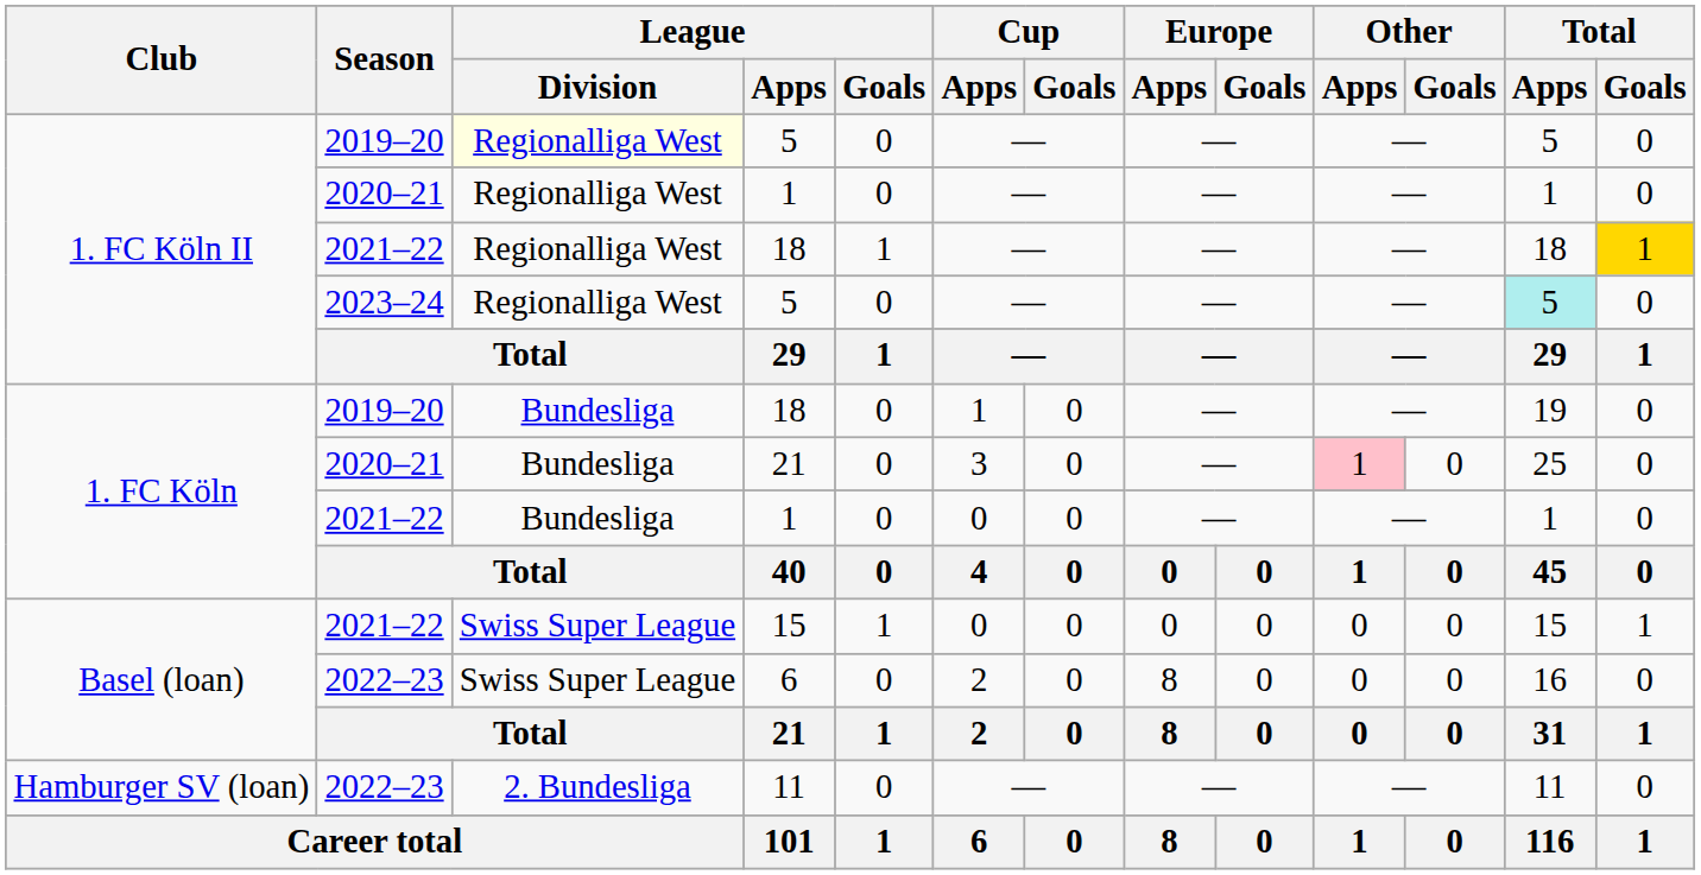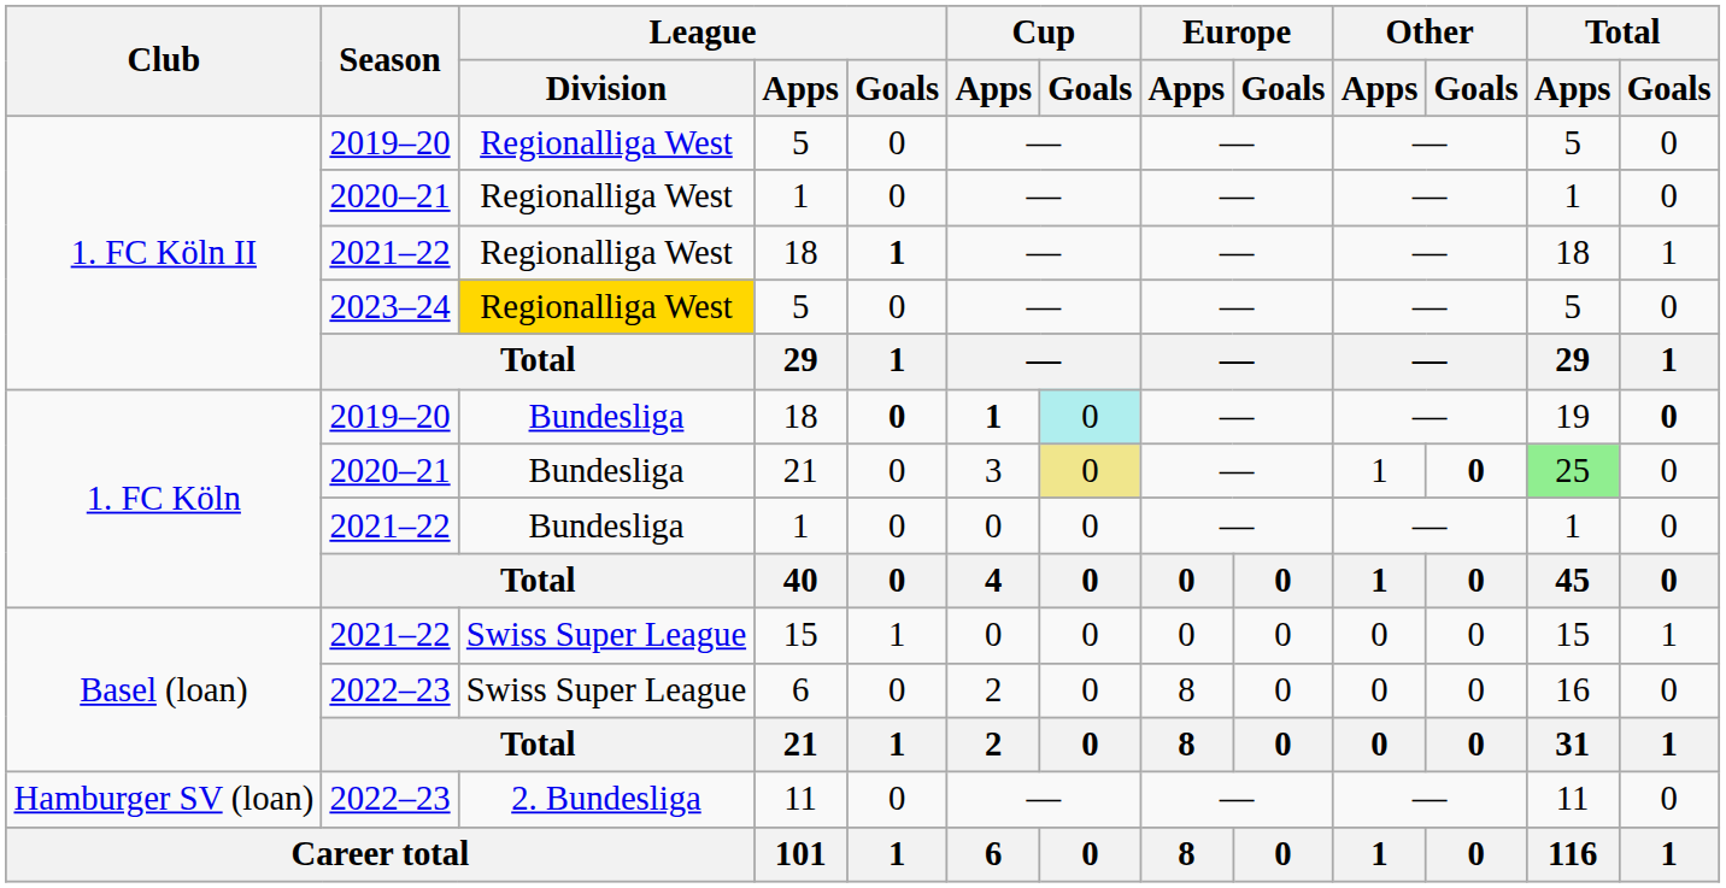 <table class="wikitable" style="text-align:center">
 <tr>
 <th rowspan="2">Club</th>
 <th rowspan="2">Season</th>
 <th colspan="3">League</th>
 <th colspan="2">Cup</th>
 <th colspan="2">Europe</th>
 <th colspan="2">Other</th>
 <th colspan="2">Total</th>
 </tr>
 <tr>
 <th>Division</th>
 <th>Apps</th>
 <th>Goals</th>
 <th>Apps</th>
 <th>Goals</th>
 <th>Apps</th>
 <th>Goals</th>
 <th>Apps</th>
 <th>Goals</th>
 <th>Apps</th>
 <th>Goals</th>
 </tr>
 <tr>
 <td rowspan="5"><a href='#'>1. FC Köln II</a></td>
 <td><a href='#'>2019–20</a></td>
-<td style="background: lightyellow;"><a href='#'>Regionalliga West</a></td>
+<td><a href='#'>Regionalliga West</a></td>
 <td>5</td>
 <td>0</td>
 <td colspan="2">—</td>
 <td colspan="2">—</td>
 <td colspan="2">—</td>
 <td>5</td>
 <td>0</td>
 </tr>
 <tr>
 <td><a href='#'>2020–21</a></td>
 <td>Regionalliga West</td>
 <td>1</td>
 <td>0</td>
 <td colspan="2">—</td>
 <td colspan="2">—</td>
 <td colspan="2">—</td>
 <td>1</td>
 <td>0</td>
 </tr>
 <tr>
 <td><a href='#'>2021–22</a></td>
 <td>Regionalliga West</td>
 <td>18</td>
-<td>1</td>
+<td><strong>1</strong></td>
 <td colspan="2">—</td>
 <td colspan="2">—</td>
 <td colspan="2">—</td>
 <td>18</td>
-<td style="background: gold;">1</td>
+<td>1</td>
 </tr>
 <tr>
 <td><a href='#'>2023–24</a></td>
-<td>Regionalliga West</td>
+<td style="background: gold;">Regionalliga West</td>
 <td>5</td>
 <td>0</td>
 <td colspan="2">—</td>
 <td colspan="2">—</td>
 <td colspan="2">—</td>
-<td style="background: paleturquoise;">5</td>
+<td>5</td>
 <td>0</td>
 </tr>
 <tr>
 <th colspan="2">Total</th>
 <th>29</th>
 <th>1</th>
 <th colspan="2">—</th>
 <th colspan="2">—</th>
 <th colspan="2">—</th>
 <th>29</th>
 <th>1</th>
 </tr>
 <tr>
 <td rowspan="4"><a href='#'>1. FC Köln</a></td>
 <td><a href='#'>2019–20</a></td>
 <td><a href='#'>Bundesliga</a></td>
 <td>18</td>
-<td>0</td>
-<td>1</td>
-<td>0</td>
+<td><strong>0</strong></td>
+<td><strong>1</strong></td>
+<td style="background: paleturquoise;">0</td>
 <td colspan="2">—</td>
 <td colspan="2">—</td>
 <td>19</td>
-<td>0</td>
+<td><strong>0</strong></td>
 </tr>
 <tr>
 <td><a href='#'>2020–21</a></td>
 <td>Bundesliga</td>
 <td>21</td>
 <td>0</td>
 <td>3</td>
-<td>0</td>
+<td style="background: khaki;">0</td>
 <td colspan="2">—</td>
-<td style="background: pink;">1</td>
-<td>0</td>
-<td>25</td>
+<td>1</td>
+<td><strong>0</strong></td>
+<td style="background: lightgreen;">25</td>
 <td>0</td>
 </tr>
 <tr>
 <td><a href='#'>2021–22</a></td>
 <td>Bundesliga</td>
 <td>1</td>
 <td>0</td>
 <td>0</td>
 <td>0</td>
 <td colspan="2">—</td>
 <td colspan="2">—</td>
 <td>1</td>
 <td>0</td>
 </tr>
 <tr>
 <th colspan="2">Total</th>
 <th>40</th>
 <th>0</th>
 <th>4</th>
 <th>0</th>
 <th>0</th>
 <th>0</th>
 <th>1</th>
 <th>0</th>
 <th>45</th>
 <th>0</th>
 </tr>
 <tr>
 <td rowspan="3"><a href='#'>Basel</a> (loan)</td>
 <td><a href='#'>2021–22</a></td>
 <td><a href='#'>Swiss Super League</a></td>
 <td>15</td>
 <td>1</td>
 <td>0</td>
 <td>0</td>
 <td>0</td>
 <td>0</td>
 <td>0</td>
 <td>0</td>
 <td>15</td>
 <td>1</td>
 </tr>
 <tr>
 <td><a href='#'>2022–23</a></td>
 <td>Swiss Super League</td>
 <td>6</td>
 <td>0</td>
 <td>2</td>
 <td>0</td>
 <td>8</td>
 <td>0</td>
 <td>0</td>
 <td>0</td>
 <td>16</td>
 <td>0</td>
 </tr>
 <tr>
 <th colspan="2">Total</th>
 <th>21</th>
 <th>1</th>
 <th>2</th>
 <th>0</th>
 <th>8</th>
 <th>0</th>
 <th>0</th>
 <th>0</th>
 <th>31</th>
 <th>1</th>
 </tr>
 <tr>
 <td><a href='#'>Hamburger SV</a> (loan)</td>
 <td><a href='#'>2022–23</a></td>
 <td><a href='#'>2. Bundesliga</a></td>
 <td>11</td>
 <td>0</td>
 <td colspan="2">—</td>
 <td colspan="2">—</td>
 <td colspan="2">—</td>
 <td>11</td>
 <td>0</td>
 </tr>
 <tr>
 <th colspan="3">Career total</th>
 <th>101</th>
 <th>1</th>
 <th>6</th>
 <th>0</th>
 <th>8</th>
 <th>0</th>
 <th>1</th>
 <th>0</th>
 <th>116</th>
 <th>1</th>
 </tr>
 </table>
